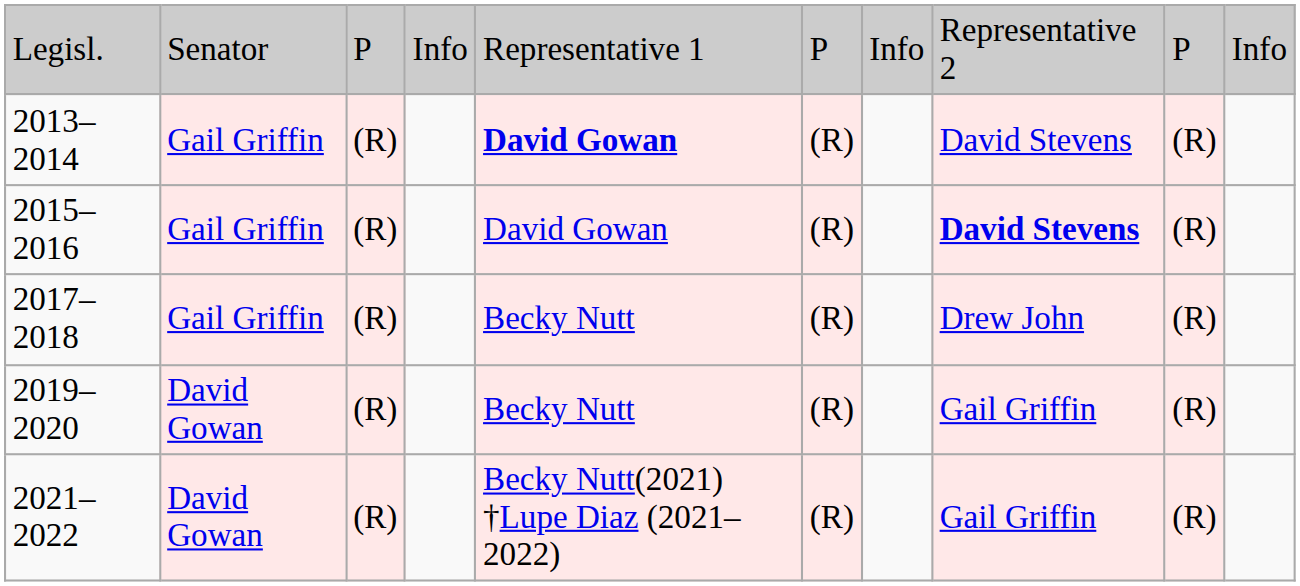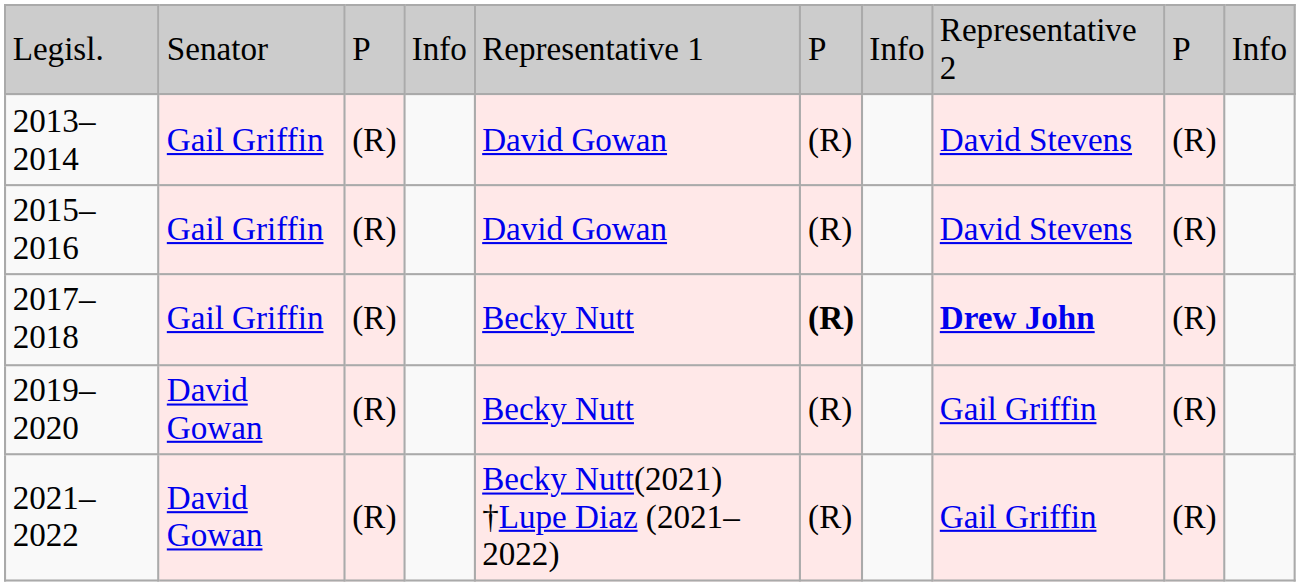 <table class=wikitable width="100%" border="1">
 <tr style="background-color:#cccccc;">
 <td>Legisl.</td>
 <td>Senator</td>
 <td>P</td>
 <td>Info</td>
 <td>Representative 1</td>
 <td>P</td>
 <td>Info</td>
 <td>Representative 2</td>
 <td>P</td>
 <td>Info</td>
 </tr>
 <tr>
 <td>2013–2014</td>
 <td style="background:#FFE8E8"><a href='#'>Gail Griffin</a></td>
 <td style="background:#FFE8E8">(R)</td>
 <td></td>
-<td style="background:#FFE8E8"><strong><a href='#'>David Gowan</a></strong></td>
+<td style="background:#FFE8E8"><a href='#'>David Gowan</a></td>
 <td style="background:#FFE8E8">(R)</td>
 <td></td>
 <td style="background:#FFE8E8"><a href='#'>David Stevens</a></td>
 <td style="background:#FFE8E8">(R)</td>
 <td></td>
 </tr>
 <tr>
 <td>2015–2016</td>
 <td style="background:#FFE8E8"><a href='#'>Gail Griffin</a></td>
 <td style="background:#FFE8E8">(R)</td>
 <td></td>
 <td style="background:#FFE8E8"><a href='#'>David Gowan</a></td>
 <td style="background:#FFE8E8">(R)</td>
 <td></td>
-<td style="background:#FFE8E8"><strong><a href='#'>David Stevens</a></strong></td>
+<td style="background:#FFE8E8"><a href='#'>David Stevens</a></td>
 <td style="background:#FFE8E8">(R)</td>
 <td></td>
 </tr>
 <tr>
 <td>2017–2018</td>
 <td style="background:#FFE8E8"><a href='#'>Gail Griffin</a></td>
 <td style="background:#FFE8E8">(R)</td>
 <td></td>
 <td style="background:#FFE8E8"><a href='#'>Becky Nutt</a></td>
-<td style="background:#FFE8E8">(R)</td>
+<td style="background:#FFE8E8"><strong>(R)</strong></td>
 <td></td>
-<td style="background:#FFE8E8"><a href='#'>Drew John</a></td>
+<td style="background:#FFE8E8"><strong><a href='#'>Drew John</a></strong></td>
 <td style="background:#FFE8E8">(R)</td>
 <td></td>
 </tr>
 <tr>
 <td>2019–2020</td>
 <td style="background:#FFE8E8"><a href='#'>David Gowan</a></td>
 <td style="background:#FFE8E8">(R)</td>
 <td></td>
 <td style="background:#FFE8E8"><a href='#'>Becky Nutt</a></td>
 <td style="background:#FFE8E8">(R)</td>
 <td></td>
 <td style="background:#FFE8E8"><a href='#'>Gail Griffin</a></td>
 <td style="background:#FFE8E8">(R)</td>
 <td></td>
 </tr>
 <tr>
 <td>2021–2022</td>
 <td style="background:#FFE8E8"><a href='#'>David Gowan</a></td>
 <td style="background:#FFE8E8">(R)</td>
 <td></td>
 <td style="background:#FFE8E8"><a href='#'>Becky Nutt</a>(2021)<br>†<a href='#'>Lupe Diaz</a> (2021–2022)</td>
 <td style="background:#FFE8E8">(R)</td>
 <td></td>
 <td style="background:#FFE8E8"><a href='#'>Gail Griffin</a></td>
 <td style="background:#FFE8E8">(R)</td>
 <td></td>
 </tr>
 </table>
